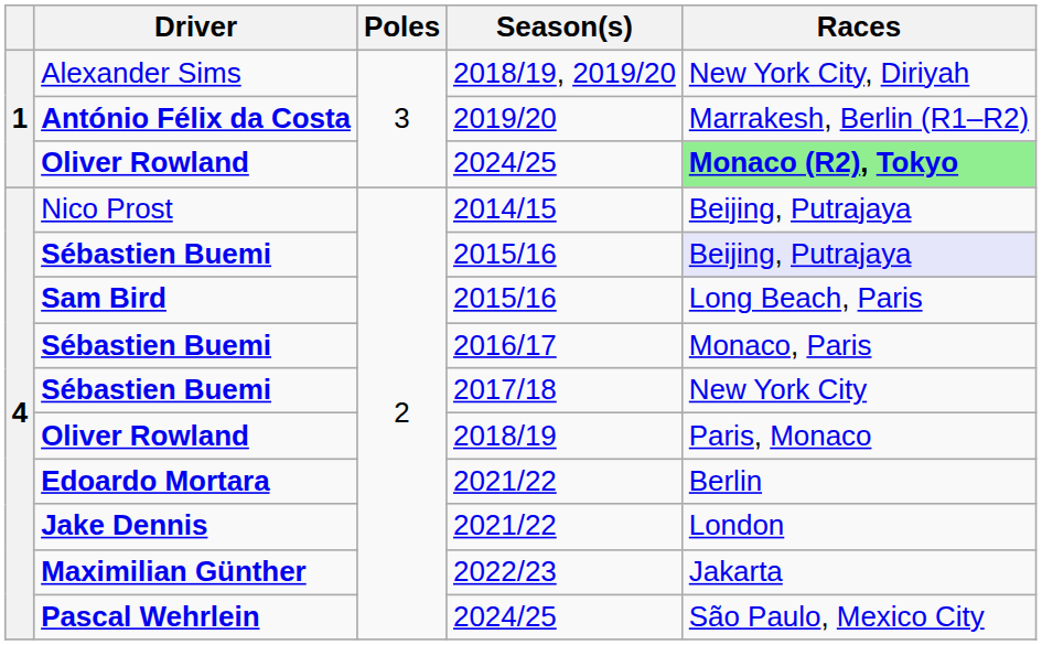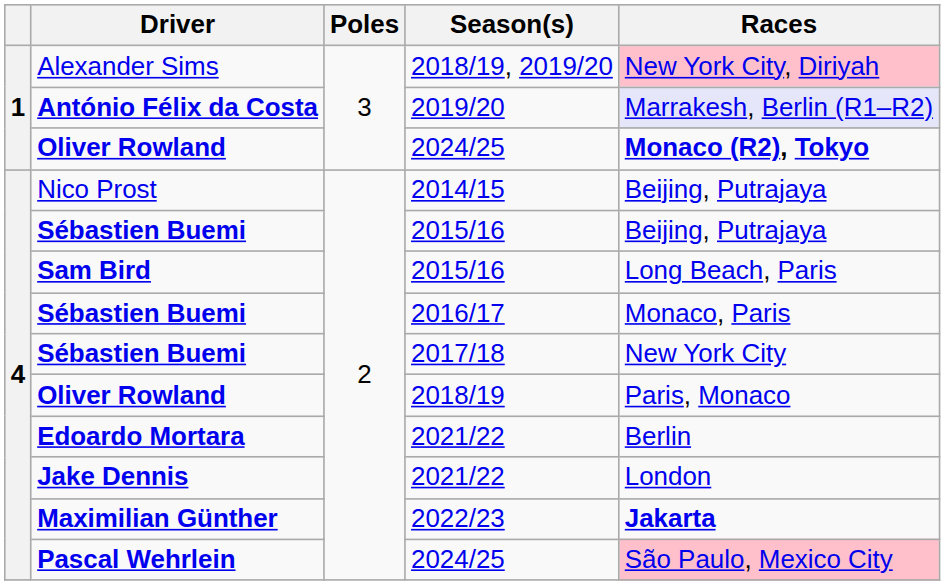 <table class="wikitable">
 <tr>
 <th></th>
 <th>Driver</th>
 <th>Poles</th>
 <th>Season(s)</th>
 <th>Races</th>
 </tr>
 <tr>
 <th rowspan=3>1</th>
 <td> <a href='#'>Alexander Sims</a></td>
 <td rowspan=3 align=center>3</td>
 <td><a href='#'>2018/19</a>, <a href='#'>2019/20</a></td>
-<td><a href='#'>New York City</a>, <a href='#'>Diriyah</a></td>
+<td style="background: pink;"><a href='#'>New York City</a>, <a href='#'>Diriyah</a></td>
 </tr>
 <tr>
 <td> <strong><a href='#'>António Félix da Costa</a></strong></td>
 <td><a href='#'>2019/20</a></td>
-<td><a href='#'>Marrakesh</a>, <a href='#'>Berlin (R1–R2)</a></td>
+<td style="background: lavender;"><a href='#'>Marrakesh</a>, <a href='#'>Berlin (R1–R2)</a></td>
 </tr>
 <tr>
 <td> <strong><a href='#'>Oliver Rowland</a></strong></td>
 <td><a href='#'>2024/25</a></td>
-<td style="background: lightgreen;"><strong><a href='#'>Monaco (R2)</a>, <a href='#'>Tokyo</a></strong></td>
+<td><strong><a href='#'>Monaco (R2)</a>, <a href='#'>Tokyo</a></strong></td>
 </tr>
 <tr>
 <th rowspan=10>4</th>
 <td> <a href='#'>Nico Prost</a></td>
 <td rowspan=10 align=center>2</td>
 <td><a href='#'>2014/15</a></td>
 <td><a href='#'>Beijing</a>, <a href='#'>Putrajaya</a></td>
 </tr>
 <tr>
 <td align=left> <strong><a href='#'>Sébastien Buemi</a></strong></td>
 <td><a href='#'>2015/16</a></td>
-<td style="background: lavender;"><a href='#'>Beijing</a>, <a href='#'>Putrajaya</a></td>
+<td><a href='#'>Beijing</a>, <a href='#'>Putrajaya</a></td>
 </tr>
 <tr>
 <td> <strong><a href='#'>Sam Bird</a></strong></td>
 <td><a href='#'>2015/16</a></td>
 <td><a href='#'>Long Beach</a>, <a href='#'>Paris</a></td>
 </tr>
 <tr>
 <td align=left> <strong><a href='#'>Sébastien Buemi</a></strong></td>
 <td><a href='#'>2016/17</a></td>
 <td><a href='#'>Monaco</a>, <a href='#'>Paris</a></td>
 </tr>
 <tr>
 <td align=left> <strong><a href='#'>Sébastien Buemi</a></strong></td>
 <td><a href='#'>2017/18</a></td>
 <td><a href='#'>New York City</a></td>
 </tr>
 <tr>
 <td> <strong><a href='#'>Oliver Rowland</a></strong></td>
 <td><a href='#'>2018/19</a></td>
 <td><a href='#'>Paris</a>, <a href='#'>Monaco</a></td>
 </tr>
 <tr>
 <td align=left> <strong><a href='#'>Edoardo Mortara</a></strong></td>
 <td><a href='#'>2021/22</a></td>
 <td><a href='#'>Berlin</a></td>
 </tr>
 <tr>
 <td align=left> <strong><a href='#'>Jake Dennis</a></strong></td>
 <td><a href='#'>2021/22</a></td>
 <td><a href='#'>London</a></td>
 </tr>
 <tr>
 <td align=left> <strong><a href='#'>Maximilian Günther</a></strong></td>
 <td><a href='#'>2022/23</a></td>
-<td><a href='#'>Jakarta</a></td>
+<td><strong><a href='#'>Jakarta</a></strong></td>
 </tr>
 <tr>
 <td align=left> <strong><a href='#'>Pascal Wehrlein</a></strong></td>
 <td><a href='#'>2024/25</a></td>
-<td><a href='#'>São Paulo</a>, <a href='#'>Mexico City</a></td>
+<td style="background: pink;"><a href='#'>São Paulo</a>, <a href='#'>Mexico City</a></td>
 </tr>
 </table>
